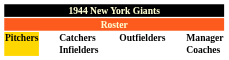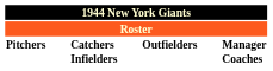 <table class="toccolours" style="font-size: 95%;">
 <tr>
 <th colspan="10" style="background-color: black; color: #FFFDD0; text-align: center;">1944 New York Giants</th>
 </tr>
 <tr>
 <td colspan="10" style="background-color: #fd5a1e; color: #FFFDD0; text-align: center;"><strong>Roster</strong></td>
 </tr>
 <tr>
-<td valign="top" style="background: gold;"><strong>Pitchers</strong><br>                </td>
+<td valign="top"><strong>Pitchers</strong><br>                </td>
 <td width="25px"></td>
 <td valign="top"><strong>Catchers</strong><br>   <strong>Infielders</strong>       </td>
 <td width="25px"></td>
 <td valign="top"><strong>Outfielders</strong><br>       </td>
 <td width="25px"></td>
 <td valign="top"><strong>Manager</strong><br> <strong>Coaches</strong>  </td>
 </tr>
 </table>
